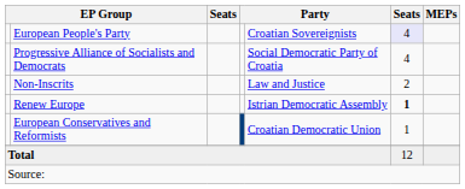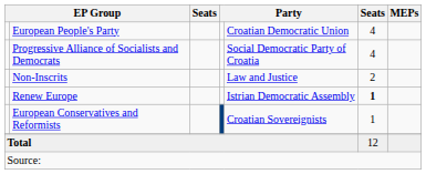 <table class="wikitable">
 <tr>
 <th colspan=2>EP Group</th>
 <th>Seats</th>
 <th colspan=2>Party</th>
 <th>Seats</th>
 <th>MEPs</th>
 </tr>
 <tr>
 <td></td>
 <td><a href='#'>European People's Party</a></td>
 <td></td>
 <td style="background:"></td>
-<td><a href='#'>Croatian Sovereignists</a></td>
-<td align=center style="background: lavender;">4</td>
+<td><a href='#'>Croatian Democratic Union</a></td>
+<td align=center>4</td>
 <td></td>
 </tr>
 <tr>
 <td></td>
 <td><a href='#'>Progressive Alliance of Socialists and Democrats</a></td>
 <td></td>
 <td style="background:"></td>
 <td><a href='#'>Social Democratic Party of Croatia</a></td>
 <td align=center>4</td>
 <td></td>
 </tr>
 <tr>
 <td></td>
 <td><a href='#'>Non-Inscrits</a></td>
 <td></td>
 <td style="background:"></td>
 <td><a href='#'>Law and Justice</a></td>
 <td align=center>2</td>
 <td></td>
 </tr>
 <tr>
 <td></td>
 <td><a href='#'>Renew Europe</a></td>
 <td></td>
 <td style="background:"></td>
 <td><a href='#'>Istrian Democratic Assembly</a></td>
 <td align=center><strong>1</strong></td>
 <td></td>
 </tr>
 <tr>
 <td></td>
 <td><a href='#'>European Conservatives and Reformists</a></td>
 <td></td>
 <td style="background:#033E7C;"></td>
-<td><a href='#'>Croatian Democratic Union</a></td>
+<td><a href='#'>Croatian Sovereignists</a></td>
 <td align=center>1</td>
 <td></td>
 </tr>
 <tr>
 </tr>
 <tr bgcolor="EFEFEF">
 <td colspan=5 align=left><strong>Total</strong></td>
 <td align=center>12</td>
 <td></td>
 </tr>
 <tr>
 <td colspan="7">Source: </td>
 </tr>
 </table>
